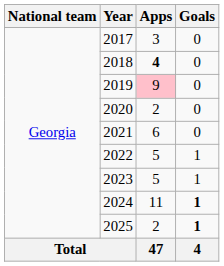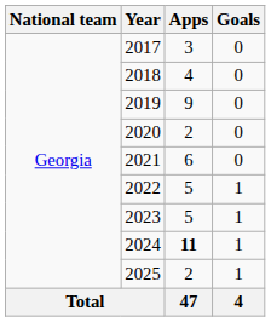 <table class="wikitable" style="text-align:center">
 <tr>
 <th>National team</th>
 <th>Year</th>
 <th>Apps</th>
 <th>Goals</th>
 </tr>
 <tr>
 <td rowspan="9"><a href='#'>Georgia</a></td>
 <td>2017</td>
 <td>3</td>
 <td>0</td>
 </tr>
 <tr>
 <td>2018</td>
-<td><strong>4</strong></td>
+<td>4</td>
 <td>0</td>
 </tr>
 <tr>
 <td>2019</td>
-<td style="background: pink;">9</td>
+<td>9</td>
 <td>0</td>
 </tr>
 <tr>
 <td>2020</td>
 <td>2</td>
 <td>0</td>
 </tr>
 <tr>
 <td>2021</td>
 <td>6</td>
 <td>0</td>
 </tr>
 <tr>
 <td>2022</td>
 <td>5</td>
 <td>1</td>
 </tr>
 <tr>
 <td>2023</td>
 <td>5</td>
 <td>1</td>
 </tr>
 <tr>
 <td>2024</td>
-<td>11</td>
-<td><strong>1</strong></td>
+<td><strong>11</strong></td>
+<td>1</td>
 </tr>
 <tr>
 <td>2025</td>
 <td>2</td>
-<td><strong>1</strong></td>
+<td>1</td>
 </tr>
 <tr>
 <th colspan="2">Total</th>
 <th>47</th>
 <th>4</th>
 </tr>
 </table>
